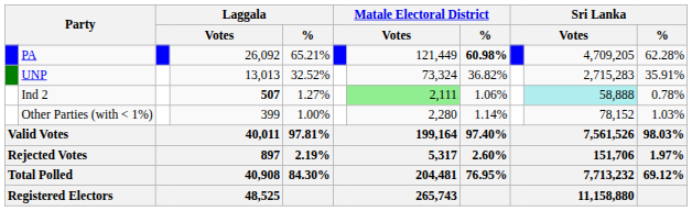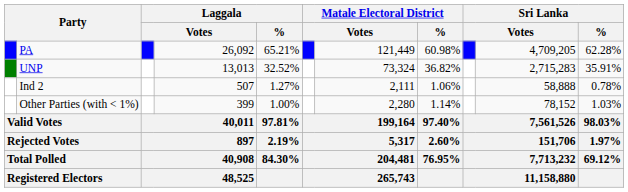 <table class="wikitable">
 <tr>
 <th colspan="2" width="144px"rowspan="2">Party</th>
 <th colspan="3" width="216px">Laggala</th>
 <th colspan="3" width="216px"><a href='#'>Matale Electoral District</a></th>
 <th colspan="3" width="216px">Sri Lanka</th>
 </tr>
 <tr>
 <th colspan="2" width="144px">Votes</th>
 <th>%</th>
 <th colspan="2" width="144px">Votes</th>
 <th>%</th>
 <th colspan="2" width="144px">Votes</th>
 <th>%</th>
 </tr>
 <tr>
 <td style="background-color:blue;" width="10px"></td>
 <td style="text-align:left;"><a href='#'>PA</a></td>
 <td style="background-color:blue;" width="10px"></td>
 <td style="text-align:right;">26,092</td>
 <td style="text-align:right;">65.21%</td>
 <td style="background-color:blue;" width="10px"></td>
 <td style="text-align:right;">121,449</td>
-<td style="text-align:right;"><strong>60.98%</strong></td>
+<td style="text-align:right;">60.98%</td>
 <td style="background-color:blue;" width="10px"></td>
 <td style="text-align:right;">4,709,205</td>
 <td style="text-align:right;">62.28%</td>
 </tr>
 <tr>
 <td style="background-color:green;" width="10px"></td>
 <td style="text-align:left;"><a href='#'>UNP</a></td>
 <td style="background-color:white;" width="10px"></td>
 <td style="text-align:right;">13,013</td>
 <td style="text-align:right;">32.52%</td>
 <td style="background-color:white;" width="10px"></td>
 <td style="text-align:right;">73,324</td>
 <td style="text-align:right;">36.82%</td>
 <td style="background-color:white;" width="10px"></td>
 <td style="text-align:right;">2,715,283</td>
 <td style="text-align:right;">35.91%</td>
 </tr>
 <tr>
 <td style="background-color:white;" width="10px"></td>
 <td style="text-align:left;">Ind 2</td>
 <td style="background-color:white;" width="10px"></td>
-<td style="text-align:right;"><strong>507</strong></td>
+<td style="text-align:right;">507</td>
 <td style="text-align:right;">1.27%</td>
 <td style="background-color:white;" width="10px"></td>
-<td style="background: lightgreen; text-align:right;">2,111</td>
+<td style="text-align:right;">2,111</td>
 <td style="text-align:right;">1.06%</td>
 <td style="background-color:white;" width="10px"></td>
-<td style="background: paleturquoise; text-align:right;">58,888</td>
+<td style="text-align:right;">58,888</td>
 <td style="text-align:right;">0.78%</td>
 </tr>
 <tr>
 <td style="background-color:white;" width="10px"></td>
 <td style="text-align:left;">Other Parties (with < 1%)</td>
 <td style="background-color:white;" width="10px"></td>
 <td style="text-align:right;">399</td>
 <td style="text-align:right;">1.00%</td>
 <td style="background-color:white;" width="10px"></td>
 <td style="text-align:right;">2,280</td>
 <td style="text-align:right;">1.14%</td>
 <td style="background-color:white;" width="10px"></td>
 <td style="text-align:right;">78,152</td>
 <td style="text-align:right;">1.03%</td>
 </tr>
 <tr>
 <th colspan="2" width="144px"style="text-align:left;">Valid Votes</th>
 <th style="text-align:right;"colspan="2" width="144px">40,011</th>
 <th style="text-align:right;">97.81%</th>
 <th style="text-align:right;"colspan="2" width="144px">199,164</th>
 <th style="text-align:right;">97.40%</th>
 <th style="text-align:right;"colspan="2" width="144px">7,561,526</th>
 <th style="text-align:right;">98.03%</th>
 </tr>
 <tr>
 <th colspan="2" width="144px"style="text-align:left;">Rejected Votes</th>
 <th style="text-align:right;"colspan="2" width="144px">897</th>
 <th style="text-align:right;">2.19%</th>
 <th style="text-align:right;"colspan="2" width="144px">5,317</th>
 <th style="text-align:right;">2.60%</th>
 <th style="text-align:right;"colspan="2" width="144px">151,706</th>
 <th style="text-align:right;">1.97%</th>
 </tr>
 <tr>
 <th colspan="2" width="144px"style="text-align:left;">Total Polled</th>
 <th style="text-align:right;"colspan="2" width="144px">40,908</th>
 <th style="text-align:right;">84.30%</th>
 <th style="text-align:right;"colspan="2" width="144px">204,481</th>
 <th style="text-align:right;">76.95%</th>
 <th style="text-align:right;"colspan="2" width="144px">7,713,232</th>
 <th style="text-align:right;">69.12%</th>
 </tr>
 <tr>
 <th colspan="2" width="144px"style="text-align:left;">Registered Electors</th>
 <th style="text-align:right;"colspan="2" width="144px">48,525</th>
 <th></th>
 <th style="text-align:right;"colspan="2" width="144px">265,743</th>
 <th></th>
 <th style="text-align:right;"colspan="2" width="144px">11,158,880</th>
 <th></th>
 </tr>
 </table>
